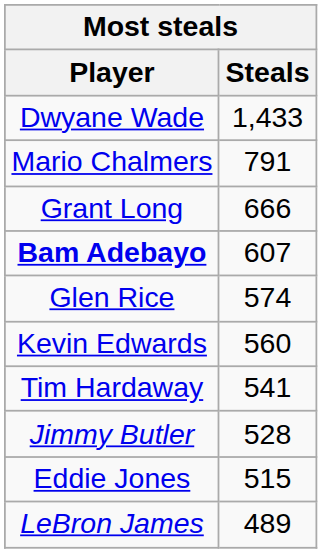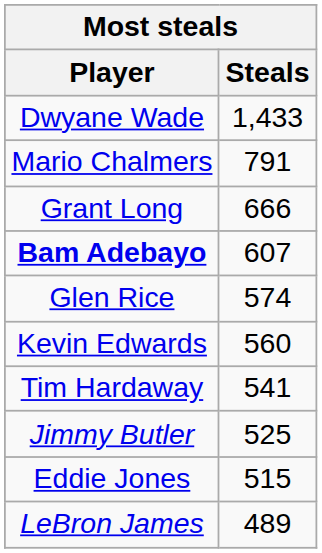 <table class="wikitable sortable" style="text-align:center;">
 <tr>
 <th colspan="2">Most steals</th>
 </tr>
 <tr>
 <th>Player</th>
 <th>Steals</th>
 </tr>
 <tr>
 <td><a href='#'>Dwyane Wade</a></td>
 <td>1,433</td>
 </tr>
 <tr>
 <td><a href='#'>Mario Chalmers</a></td>
 <td>791</td>
 </tr>
 <tr>
 <td><a href='#'>Grant Long</a></td>
 <td>666</td>
 </tr>
 <tr>
 <td><strong><a href='#'>Bam Adebayo</a></strong></td>
 <td>607</td>
 </tr>
 <tr>
 <td><a href='#'>Glen Rice</a></td>
 <td>574</td>
 </tr>
 <tr>
 <td><a href='#'>Kevin Edwards</a></td>
 <td>560</td>
 </tr>
 <tr>
 <td><a href='#'>Tim Hardaway</a></td>
 <td>541</td>
 </tr>
 <tr>
 <td><em><a href='#'>Jimmy Butler</a></em></td>
-<td>528</td>
+<td>525</td>
 </tr>
 <tr>
 <td><a href='#'>Eddie Jones</a></td>
 <td>515</td>
 </tr>
 <tr>
 <td><em><a href='#'>LeBron James</a></em></td>
 <td>489</td>
 </tr>
 </table>
